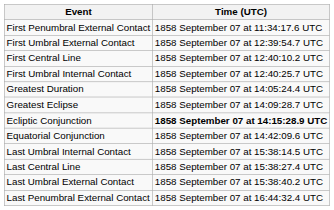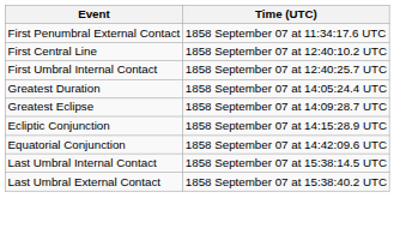 <table class="wikitable">
 <tr>
 <th>Event</th>
 <th>Time (UTC)</th>
 </tr>
 <tr>
 <td>First Penumbral External Contact</td>
 <td>1858 September 07 at 11:34:17.6 UTC</td>
-</tr>
-<tr>
-<td>First Umbral External Contact</td>
-<td>1858 September 07 at 12:39:54.7 UTC</td>
 </tr>
 <tr>
 <td>First Central Line</td>
 <td>1858 September 07 at 12:40:10.2 UTC</td>
 </tr>
 <tr>
 <td>First Umbral Internal Contact</td>
 <td>1858 September 07 at 12:40:25.7 UTC</td>
 </tr>
 <tr>
 <td>Greatest Duration</td>
 <td>1858 September 07 at 14:05:24.4 UTC</td>
 </tr>
 <tr>
 <td>Greatest Eclipse</td>
 <td>1858 September 07 at 14:09:28.7 UTC</td>
 </tr>
 <tr>
 <td>Ecliptic Conjunction</td>
-<td><strong>1858 September 07 at 14:15:28.9 UTC</strong></td>
+<td>1858 September 07 at 14:15:28.9 UTC</td>
 </tr>
 <tr>
 <td>Equatorial Conjunction</td>
 <td>1858 September 07 at 14:42:09.6 UTC</td>
 </tr>
 <tr>
 <td>Last Umbral Internal Contact</td>
 <td>1858 September 07 at 15:38:14.5 UTC</td>
 </tr>
 <tr>
-<td>Last Central Line</td>
-<td>1858 September 07 at 15:38:27.4 UTC</td>
-</tr>
-<tr>
 <td>Last Umbral External Contact</td>
 <td>1858 September 07 at 15:38:40.2 UTC</td>
 </tr>
-<tr>
-<td>Last Penumbral External Contact</td>
-<td>1858 September 07 at 16:44:32.4 UTC</td>
-</tr>
 </table>
